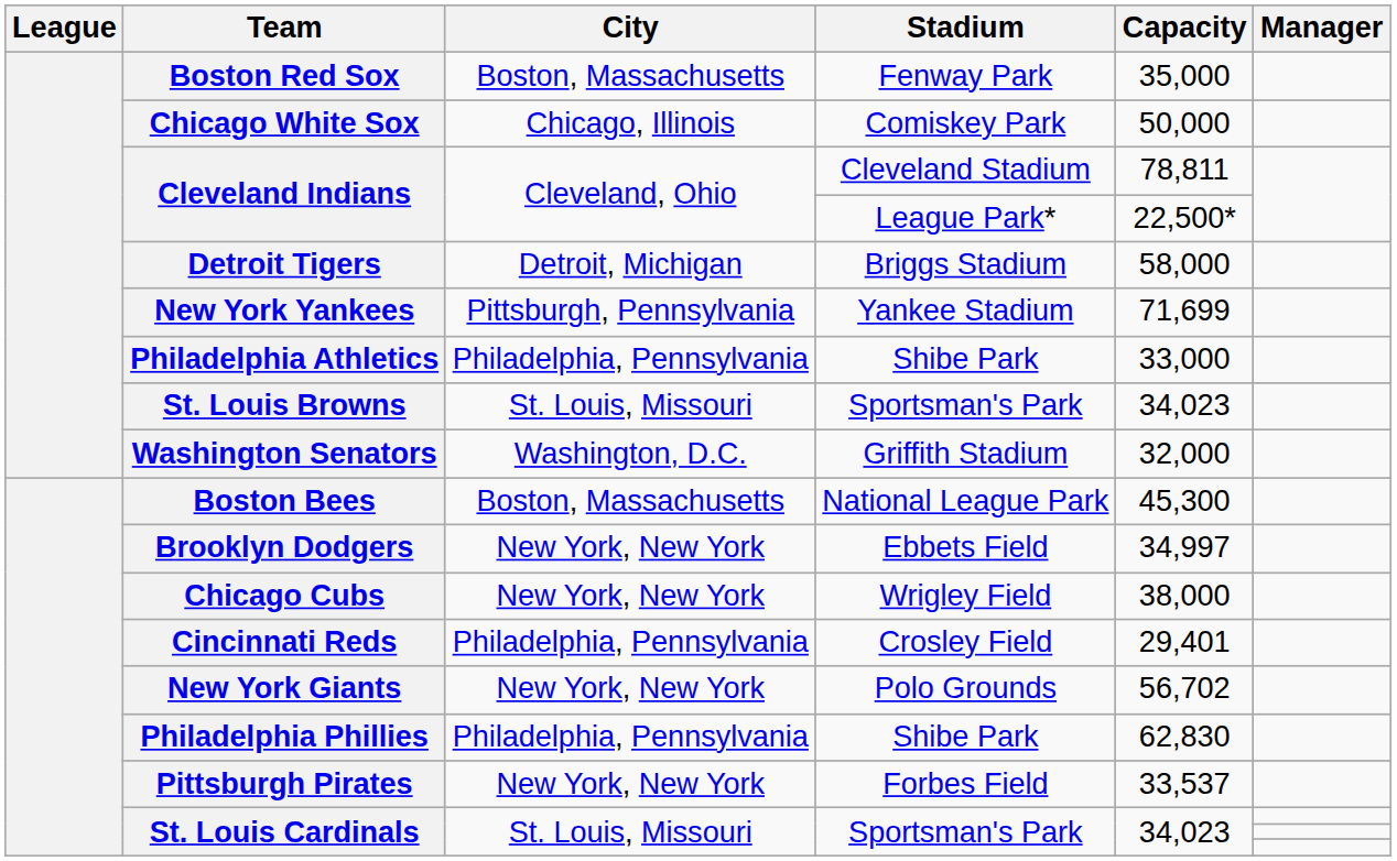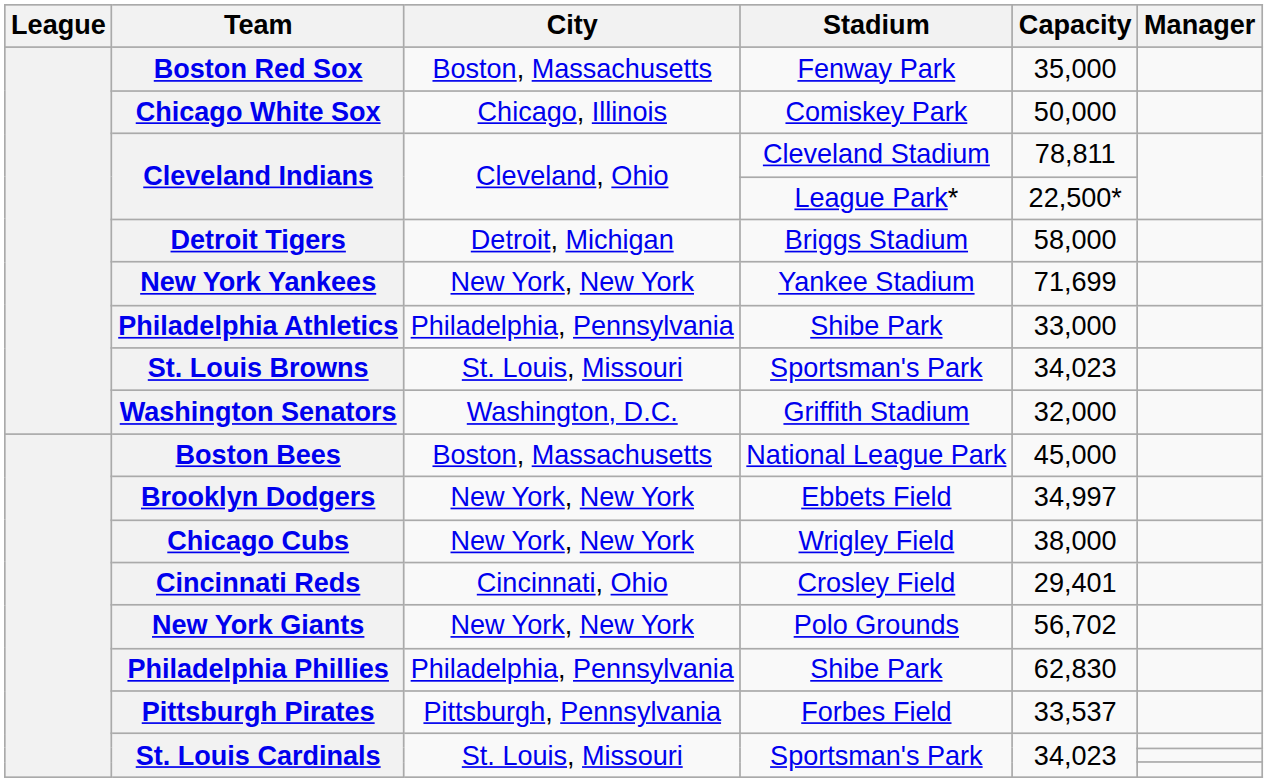 <table class="wikitable sortable plainrowheaders" style="text-align:center;">
 <tr>
 <th scope="col">League</th>
 <th scope="col">Team</th>
 <th scope="col">City</th>
 <th scope="col">Stadium</th>
 <th scope="col">Capacity</th>
 <th scope="col">Manager</th>
 </tr>
 <tr>
 <th rowspan="9"></th>
 <th scope="row"><a href='#'>Boston Red Sox</a></th>
 <td><a href='#'>Boston</a>, <a href='#'>Massachusetts</a></td>
 <td><a href='#'>Fenway Park</a></td>
 <td>35,000</td>
 <td></td>
 </tr>
 <tr>
 <th scope="row"><a href='#'>Chicago White Sox</a></th>
 <td><a href='#'>Chicago</a>, <a href='#'>Illinois</a></td>
 <td><a href='#'>Comiskey Park</a></td>
 <td>50,000</td>
 <td></td>
 </tr>
 <tr>
 <th rowspan="2" scope="row"><a href='#'>Cleveland Indians</a></th>
 <td rowspan="2"><a href='#'>Cleveland</a>, <a href='#'>Ohio</a></td>
 <td><a href='#'>Cleveland Stadium</a></td>
 <td>78,811</td>
 <td rowspan="2"></td>
 </tr>
 <tr>
 <td><a href='#'>League Park</a>*</td>
 <td>22,500*</td>
 </tr>
 <tr>
 <th scope="row"><a href='#'>Detroit Tigers</a></th>
 <td><a href='#'>Detroit</a>, <a href='#'>Michigan</a></td>
 <td><a href='#'>Briggs Stadium</a></td>
 <td>58,000</td>
 <td></td>
 </tr>
 <tr>
 <th scope="row"><a href='#'>New York Yankees</a></th>
-<td><a href='#'>Pittsburgh</a>, <a href='#'>Pennsylvania</a></td>
+<td><a href='#'>New York</a>, <a href='#'>New York</a></td>
 <td><a href='#'>Yankee Stadium</a></td>
 <td>71,699</td>
 <td></td>
 </tr>
 <tr>
 <th scope="row"><a href='#'>Philadelphia Athletics</a></th>
 <td><a href='#'>Philadelphia</a>, <a href='#'>Pennsylvania</a></td>
 <td><a href='#'>Shibe Park</a></td>
 <td>33,000</td>
 <td></td>
 </tr>
 <tr>
 <th scope="row"><a href='#'>St. Louis Browns</a></th>
 <td><a href='#'>St. Louis</a>, <a href='#'>Missouri</a></td>
 <td><a href='#'>Sportsman's Park</a></td>
 <td>34,023</td>
 <td></td>
 </tr>
 <tr>
 <th scope="row"><a href='#'>Washington Senators</a></th>
 <td><a href='#'>Washington, D.C.</a></td>
 <td><a href='#'>Griffith Stadium</a></td>
 <td>32,000</td>
 <td></td>
 </tr>
 <tr>
 <th rowspan="10"></th>
 <th scope="row"><a href='#'>Boston Bees</a></th>
 <td><a href='#'>Boston</a>, <a href='#'>Massachusetts</a></td>
 <td><a href='#'>National League Park</a></td>
-<td>45,300</td>
+<td>45,000</td>
 <td></td>
 </tr>
 <tr>
 <th scope="row"><a href='#'>Brooklyn Dodgers</a></th>
 <td><a href='#'>New York</a>, <a href='#'>New York</a></td>
 <td><a href='#'>Ebbets Field</a></td>
 <td>34,997</td>
 <td></td>
 </tr>
 <tr>
 <th scope="row"><a href='#'>Chicago Cubs</a></th>
 <td><a href='#'>New York</a>, <a href='#'>New York</a></td>
 <td><a href='#'>Wrigley Field</a></td>
 <td>38,000</td>
 <td></td>
 </tr>
 <tr>
 <th scope="row"><a href='#'>Cincinnati Reds</a></th>
-<td><a href='#'>Philadelphia</a>, <a href='#'>Pennsylvania</a></td>
+<td><a href='#'>Cincinnati</a>, <a href='#'>Ohio</a></td>
 <td><a href='#'>Crosley Field</a></td>
 <td>29,401</td>
 <td></td>
 </tr>
 <tr>
 <th scope="row"><a href='#'>New York Giants</a></th>
 <td><a href='#'>New York</a>, <a href='#'>New York</a></td>
 <td><a href='#'>Polo Grounds</a></td>
 <td>56,702</td>
 <td></td>
 </tr>
 <tr>
 <th scope="row"><a href='#'>Philadelphia Phillies</a></th>
 <td><a href='#'>Philadelphia</a>, <a href='#'>Pennsylvania</a></td>
 <td><a href='#'>Shibe Park</a></td>
 <td>62,830</td>
 <td></td>
 </tr>
 <tr>
 <th scope="row"><a href='#'>Pittsburgh Pirates</a></th>
-<td><a href='#'>New York</a>, <a href='#'>New York</a></td>
+<td><a href='#'>Pittsburgh</a>, <a href='#'>Pennsylvania</a></td>
 <td><a href='#'>Forbes Field</a></td>
 <td>33,537</td>
 <td></td>
 </tr>
 <tr>
 <th rowspan="3" scope="row"><a href='#'>St. Louis Cardinals</a></th>
 <td rowspan="3"><a href='#'>St. Louis</a>, <a href='#'>Missouri</a></td>
 <td rowspan="3"><a href='#'>Sportsman's Park</a></td>
 <td rowspan="3">34,023</td>
 <td></td>
 </tr>
 <tr>
 <td></td>
 </tr>
 <tr>
 <td></td>
 </tr>
 </table>
